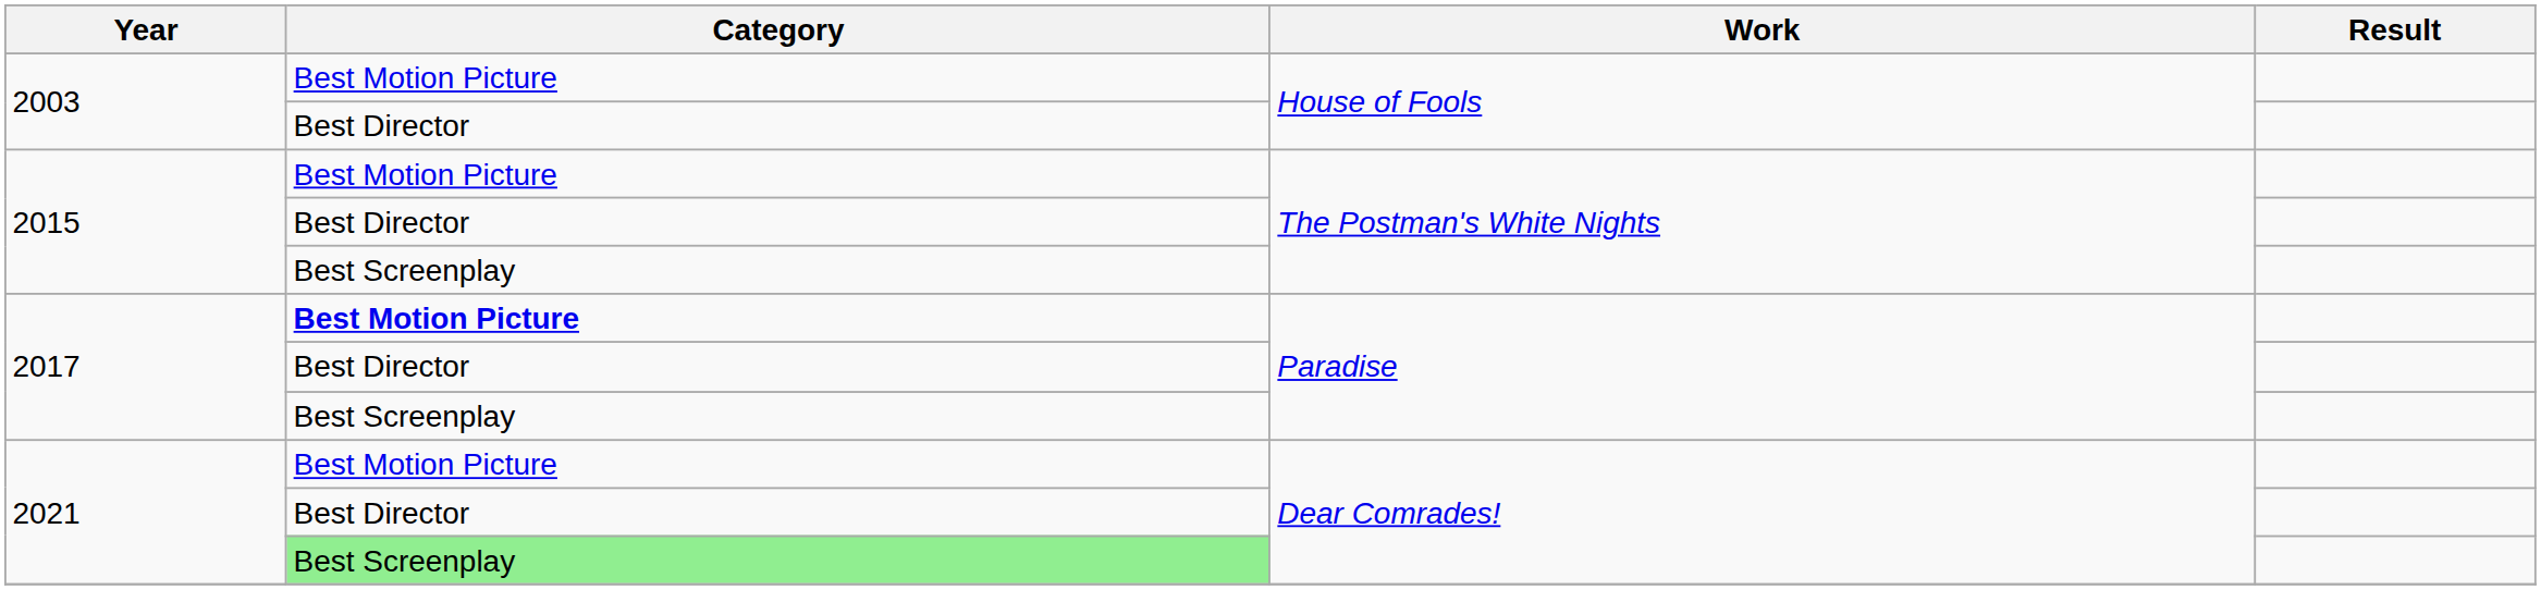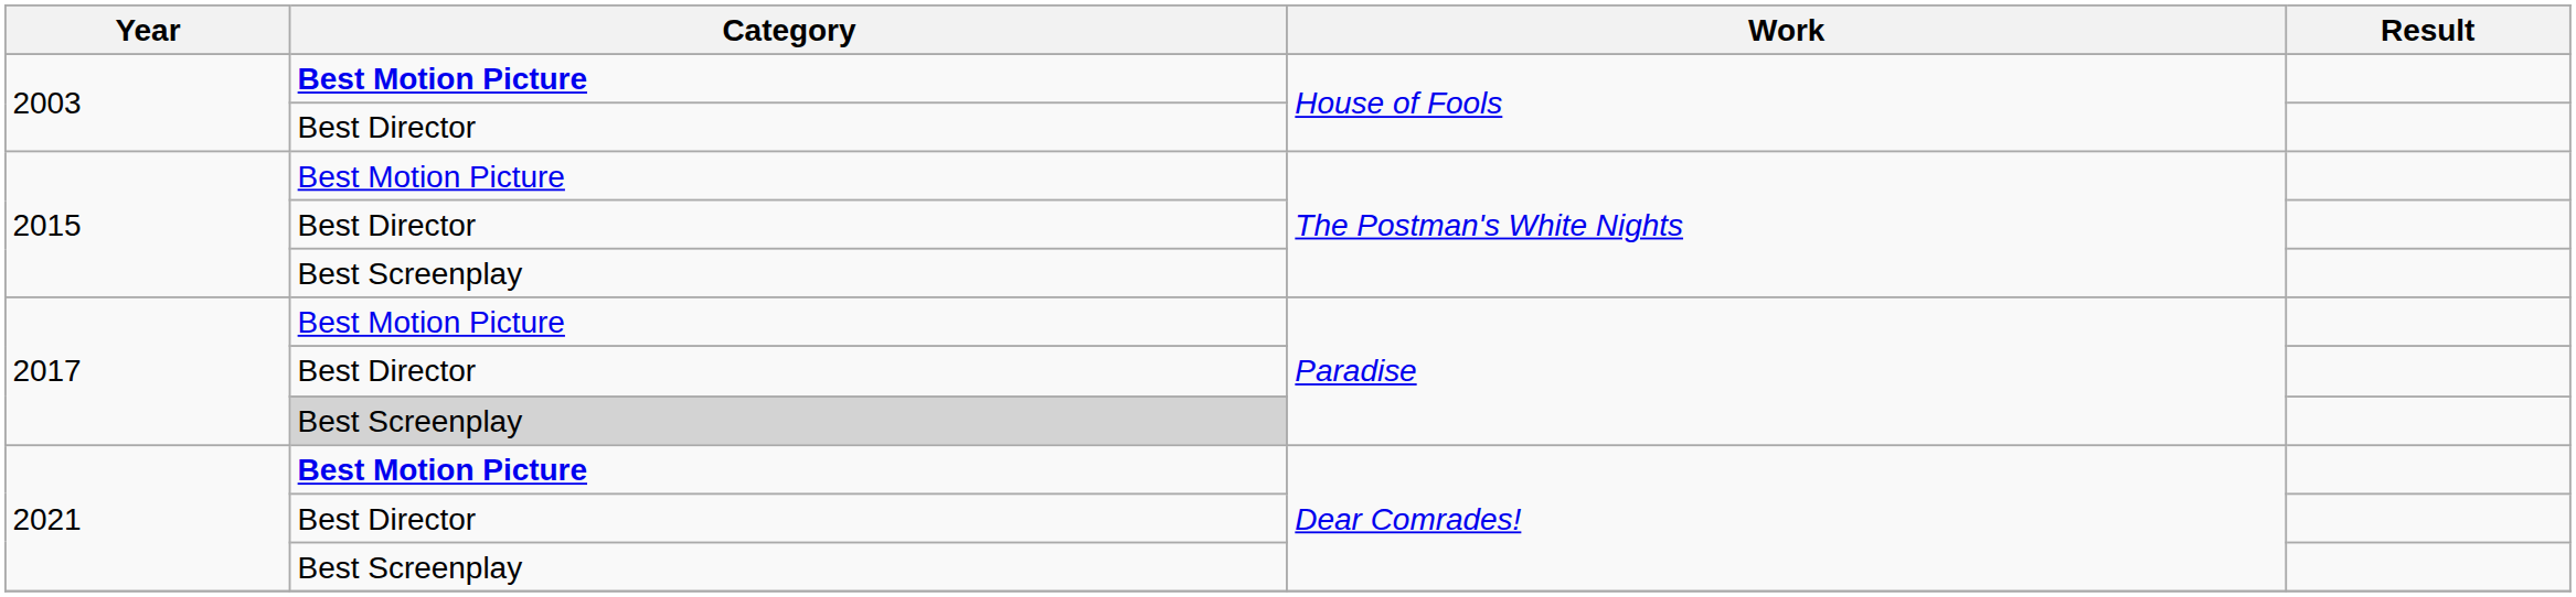 <table class="wikitable sortable" width="100%" style="font-size: 95%">
 <tr>
 <th width="10%">Year</th>
 <th width="35%">Category</th>
 <th width="35%">Work</th>
 <th width="10%">Result</th>
 </tr>
 <tr>
 <td rowspan="2">2003</td>
-<td><a href='#'>Best Motion Picture</a></td>
+<td><strong><a href='#'>Best Motion Picture</a></strong></td>
 <td rowspan="2"><em><a href='#'>House of Fools</a></em></td>
 <td></td>
 </tr>
 <tr>
 <td>Best Director</td>
 <td></td>
 </tr>
 <tr>
 <td rowspan="3">2015</td>
 <td><a href='#'>Best Motion Picture</a></td>
 <td rowspan="3"><em><a href='#'>The Postman's White Nights</a></em></td>
 <td></td>
 </tr>
 <tr>
 <td>Best Director</td>
 <td></td>
 </tr>
 <tr>
 <td>Best Screenplay</td>
 <td></td>
 </tr>
 <tr>
 <td rowspan="3">2017</td>
+<td><a href='#'>Best Motion Picture</a></td>
+<td rowspan="3"><em><a href='#'>Paradise</a></em></td>
+<td></td>
+</tr>
+<tr>
+<td>Best Director</td>
+<td></td>
+</tr>
+<tr>
+<td style="background: lightgrey;">Best Screenplay</td>
+<td></td>
+</tr>
+<tr>
+<td rowspan="3">2021</td>
 <td><strong><a href='#'>Best Motion Picture</a></strong></td>
-<td rowspan="3"><em><a href='#'>Paradise</a></em></td>
+<td rowspan="3"><em><a href='#'>Dear Comrades!</a></em></td>
 <td></td>
 </tr>
 <tr>
 <td>Best Director</td>
 <td></td>
 </tr>
 <tr>
 <td>Best Screenplay</td>
 <td></td>
 </tr>
 <tr>
-<td rowspan="3">2021</td>
-<td><a href='#'>Best Motion Picture</a></td>
-<td rowspan="3"><em><a href='#'>Dear Comrades!</a></em></td>
-<td></td>
-</tr>
-<tr>
-<td>Best Director</td>
-<td></td>
-</tr>
-<tr>
-<td style="background: lightgreen;">Best Screenplay</td>
-<td></td>
-</tr>
-<tr>
 </tr>
 </table>
